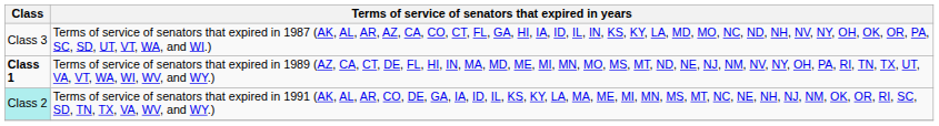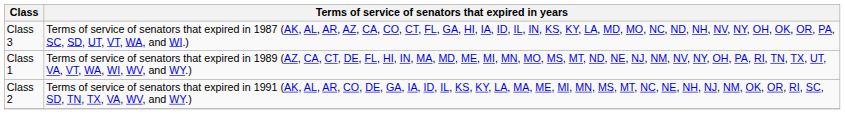 <table class="wikitable sortable">
 <tr valign=bottom>
 <th>Class</th>
 <th>Terms of service of senators that expired in years</th>
 </tr>
 <tr>
 <td>Class 3</td>
 <td>Terms of service of senators that expired in 1987 (<a href='#'>AK</a>, <a href='#'>AL</a>, <a href='#'>AR</a>, <a href='#'>AZ</a>, <a href='#'>CA</a>, <a href='#'>CO</a>, <a href='#'>CT</a>, <a href='#'>FL</a>, <a href='#'>GA</a>, <a href='#'>HI</a>, <a href='#'>IA</a>, <a href='#'>ID</a>, <a href='#'>IL</a>, <a href='#'>IN</a>,  <a href='#'>KS</a>, <a href='#'>KY</a>, <a href='#'>LA</a>, <a href='#'>MD</a>, <a href='#'>MO</a>, <a href='#'>NC</a>, <a href='#'>ND</a>, <a href='#'>NH</a>, <a href='#'>NV</a>, <a href='#'>NY</a>, <a href='#'>OH</a>, <a href='#'>OK</a>, <a href='#'>OR</a>, <a href='#'>PA</a>, <a href='#'>SC</a>, <a href='#'>SD</a>, <a href='#'>UT</a>, <a href='#'>VT</a>, <a href='#'>WA</a>, and <a href='#'>WI</a>.)</td>
 </tr>
 <tr>
-<td><strong>Class 1</strong></td>
+<td>Class 1</td>
 <td>Terms of service of senators that expired in 1989 (<a href='#'>AZ</a>, <a href='#'>CA</a>, <a href='#'>CT</a>, <a href='#'>DE</a>, <a href='#'>FL</a>, <a href='#'>HI</a>, <a href='#'>IN</a>, <a href='#'>MA</a>, <a href='#'>MD</a>, <a href='#'>ME</a>, <a href='#'>MI</a>, <a href='#'>MN</a>, <a href='#'>MO</a>, <a href='#'>MS</a>, <a href='#'>MT</a>, <a href='#'>ND</a>, <a href='#'>NE</a>, <a href='#'>NJ</a>, <a href='#'>NM</a>, <a href='#'>NV</a>, <a href='#'>NY</a>, <a href='#'>OH</a>, <a href='#'>PA</a>, <a href='#'>RI</a>, <a href='#'>TN</a>, <a href='#'>TX</a>, <a href='#'>UT</a>, <a href='#'>VA</a>, <a href='#'>VT</a>, <a href='#'>WA</a>, <a href='#'>WI</a>, <a href='#'>WV</a>, and <a href='#'>WY</a>.)</td>
 </tr>
 <tr>
-<td style="background: paleturquoise;">Class 2</td>
+<td>Class 2</td>
 <td>Terms of service of senators that expired in 1991 (<a href='#'>AK</a>, <a href='#'>AL</a>, <a href='#'>AR</a>, <a href='#'>CO</a>, <a href='#'>DE</a>, <a href='#'>GA</a>, <a href='#'>IA</a>, <a href='#'>ID</a>, <a href='#'>IL</a>, <a href='#'>KS</a>, <a href='#'>KY</a>, <a href='#'>LA</a>, <a href='#'>MA</a>, <a href='#'>ME</a>, <a href='#'>MI</a>, <a href='#'>MN</a>, <a href='#'>MS</a>, <a href='#'>MT</a>, <a href='#'>NC</a>, <a href='#'>NE</a>, <a href='#'>NH</a>, <a href='#'>NJ</a>, <a href='#'>NM</a>, <a href='#'>OK</a>, <a href='#'>OR</a>, <a href='#'>RI</a>, <a href='#'>SC</a>, <a href='#'>SD</a>, <a href='#'>TN</a>, <a href='#'>TX</a>, <a href='#'>VA</a>, <a href='#'>WV</a>, and <a href='#'>WY</a>.)</td>
 </tr>
 <tr>
 </tr>
 </table>
